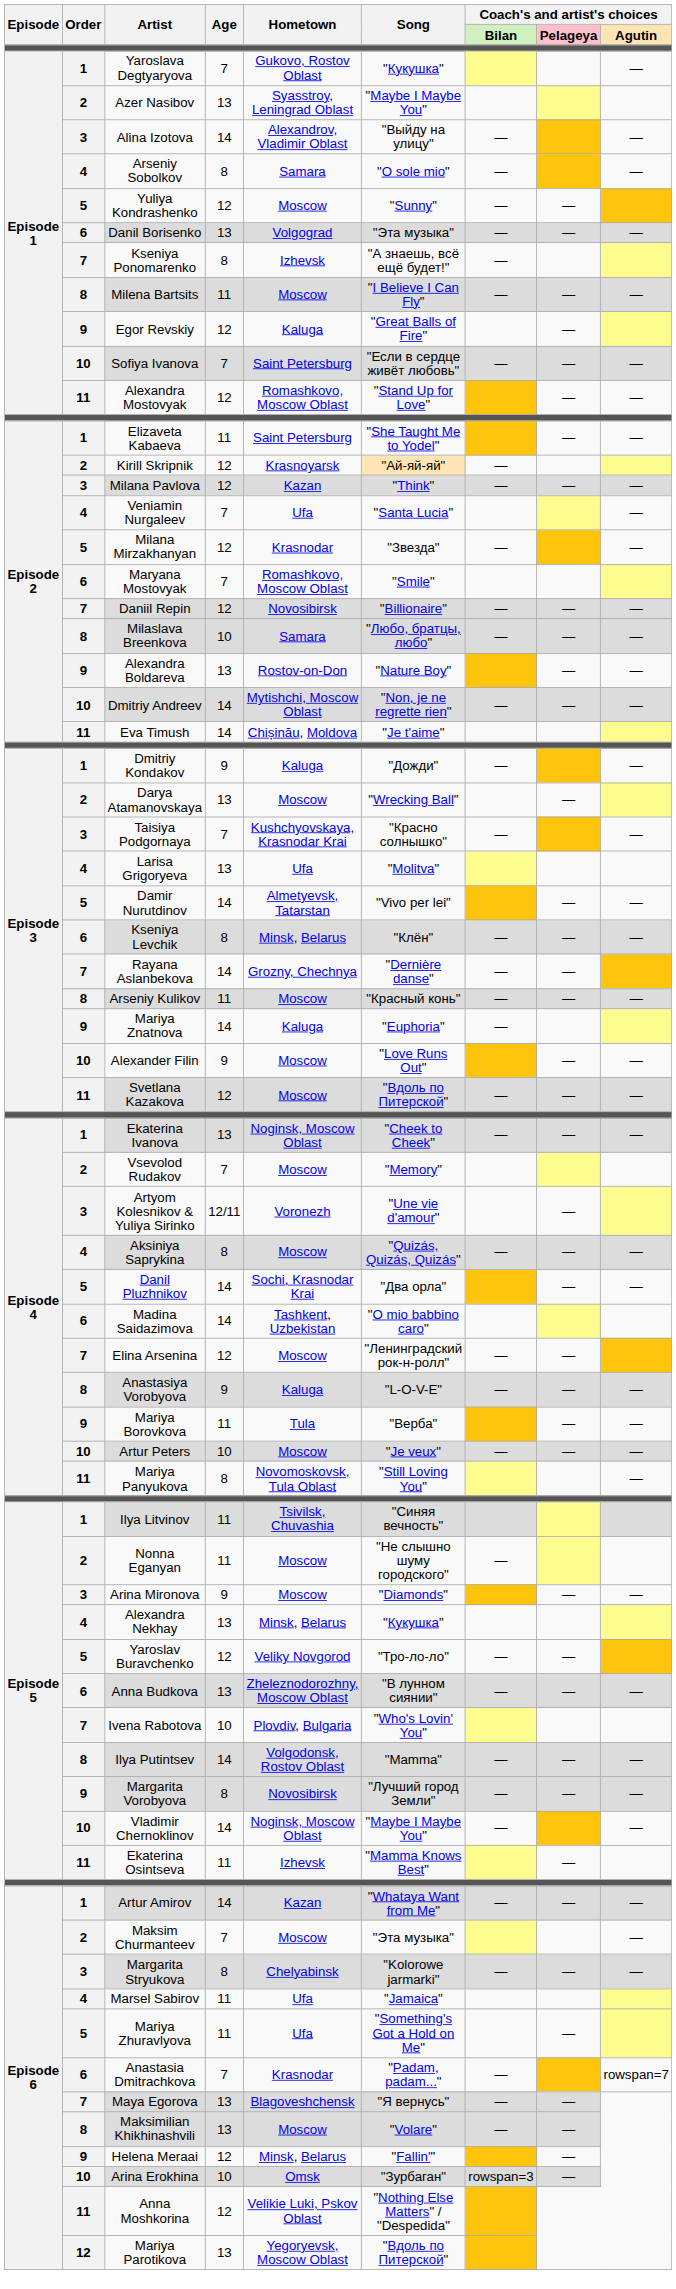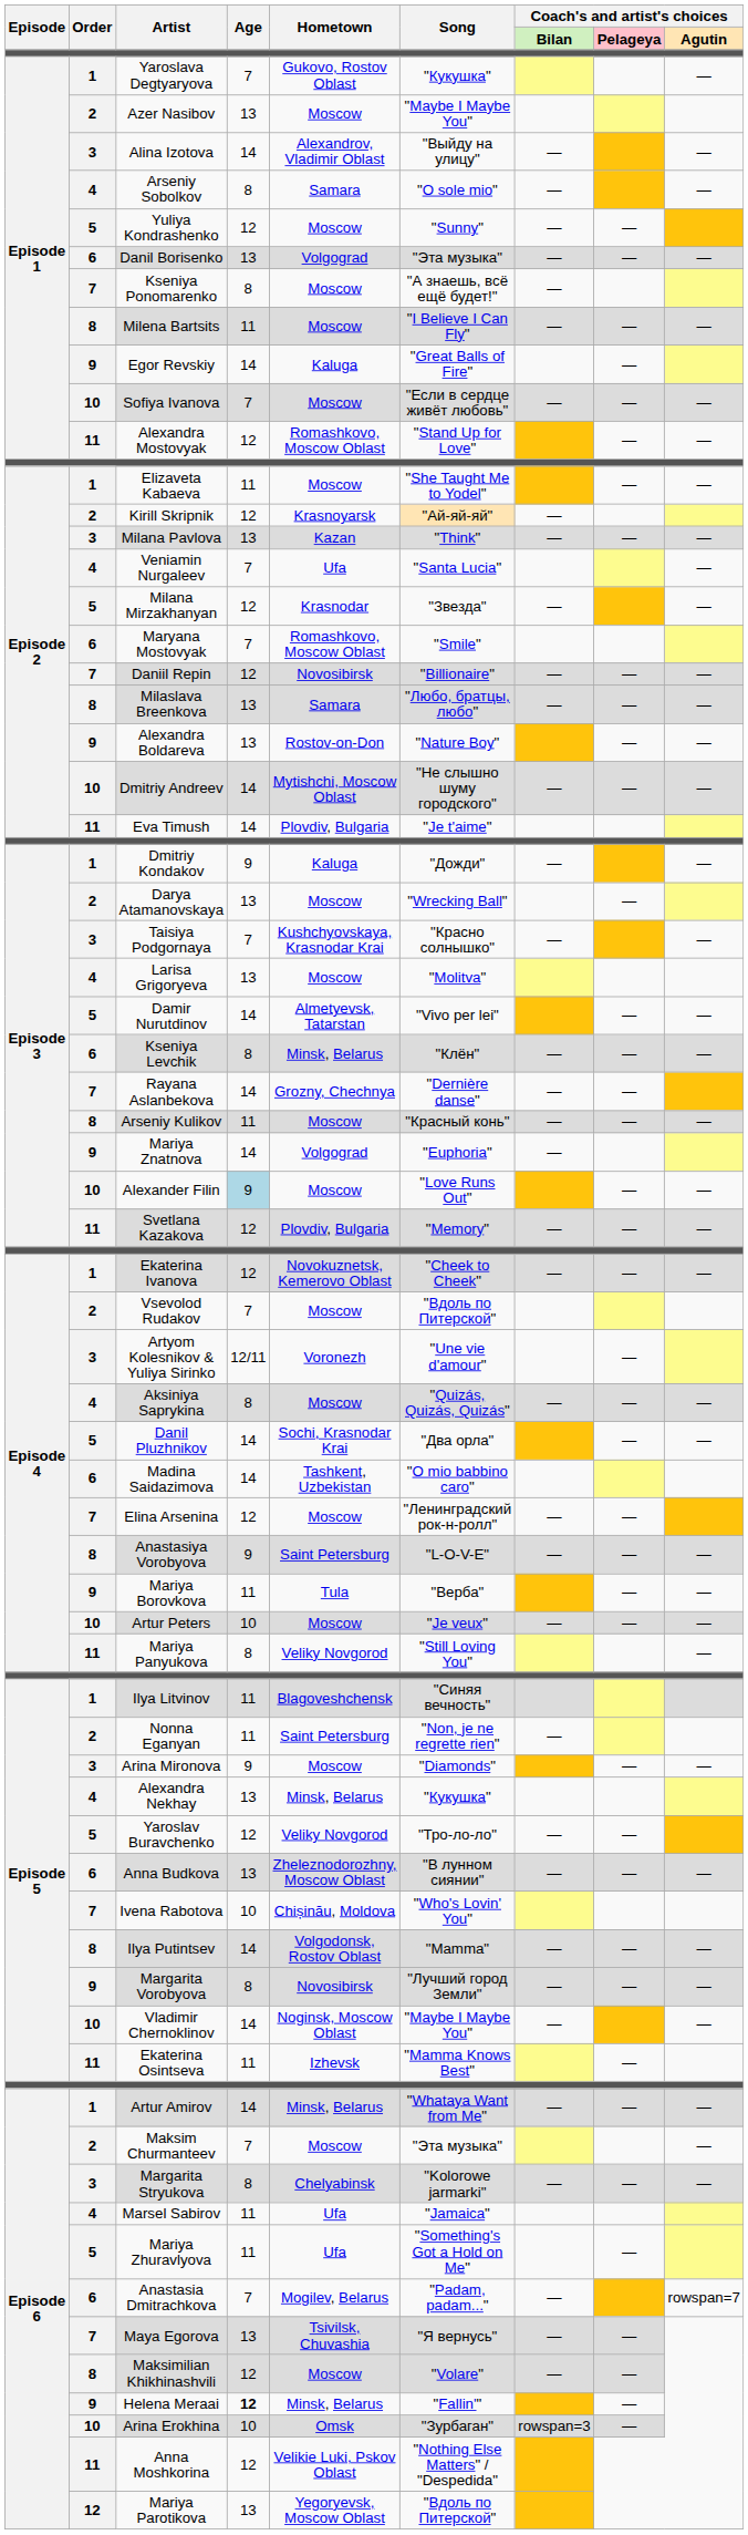 <table class="wikitable" style="text-align:center; line-height:17px; width:120%">
 <tr>
 <th rowspan="2" scope="col" style="width:10%">Episode</th>
 <th rowspan="2" scope="col" style="width:03%">Order</th>
 <th rowspan="2" scope="col" style="width:20%">Artist</th>
 <th rowspan="2" scope="col" style="width:04%">Age</th>
 <th rowspan="2" scope="col" style="width:20%">Hometown</th>
 <th rowspan="2" scope="col" style="width:20%">Song</th>
 <th colspan="3" scope="col" style="width:21%">Coach's and artist's choices</th>
 </tr>
 <tr>
 <th style="background:#d0f0c0">Bilan</th>
 <th style="background:pink">Pelageya</th>
 <th style="background:#ffe5b4">Agutin</th>
 </tr>
 <tr>
 <td colspan="9" style="background:#555"></td>
 </tr>
 <tr>
 <th rowspan=11><strong>Episode 1</strong> </th>
 <th>1</th>
 <td>Yaroslava Degtyaryova</td>
 <td>7</td>
 <td><a href='#'>Gukovo, Rostov Oblast</a></td>
 <td>"<a href='#'>Кукушка</a>"</td>
 <td style="background:#fdfc8f;"><strong></strong></td>
 <td><strong></strong></td>
 <td>—</td>
 </tr>
 <tr>
 <th>2</th>
 <td>Azer Nasibov</td>
 <td>13</td>
-<td><a href='#'>Syasstroy, Leningrad Oblast</a></td>
+<td><a href='#'>Moscow</a></td>
 <td>"<a href='#'>Maybe I Maybe You</a>"</td>
 <td><strong></strong></td>
 <td style="background:#fdfc8f;"><strong></strong></td>
 <td><strong></strong></td>
 </tr>
 <tr>
 <th>3</th>
 <td>Alina Izotova</td>
 <td>14</td>
 <td><a href='#'>Alexandrov, Vladimir Oblast</a></td>
 <td>"Выйду на улицу"</td>
 <td>—</td>
 <td style="background:#FFC40C;"><strong></strong></td>
 <td>—</td>
 </tr>
 <tr>
 <th>4</th>
 <td>Arseniy Sobolkov</td>
 <td>8</td>
 <td><a href='#'>Samara</a></td>
 <td>"<a href='#'>O sole mio</a>"</td>
 <td>—</td>
 <td style="background:#FFC40C;"><strong></strong></td>
 <td>—</td>
 </tr>
 <tr>
 <th>5</th>
 <td>Yuliya Kondrashenko</td>
 <td>12</td>
 <td><a href='#'>Moscow</a></td>
 <td>"<a href='#'>Sunny</a>"</td>
 <td>—</td>
 <td>—</td>
 <td style="background:#FFC40C;"><strong></strong></td>
 </tr>
 <tr style="background:#DCDCDC;">
 <th>6</th>
 <td>Danil Borisenko</td>
 <td>13</td>
 <td><a href='#'>Volgograd</a></td>
 <td>"Эта музыка"</td>
 <td>—</td>
 <td>—</td>
 <td>—</td>
 </tr>
 <tr>
 <th>7</th>
 <td>Kseniya Ponomarenko</td>
 <td>8</td>
-<td><a href='#'>Izhevsk</a></td>
+<td><a href='#'>Moscow</a></td>
 <td>"А знаешь, всё ещё будет!"</td>
 <td>—</td>
 <td><strong></strong></td>
 <td style="background:#fdfc8f;"><strong></strong></td>
 </tr>
 <tr style="background:#DCDCDC;">
 <th>8</th>
 <td>Milena Bartsits</td>
 <td>11</td>
 <td><a href='#'>Moscow</a></td>
 <td>"<a href='#'>I Believe I Can Fly</a>"</td>
 <td>—</td>
 <td>—</td>
 <td>—</td>
 </tr>
 <tr>
 <th>9</th>
 <td>Egor Revskiy</td>
-<td>12</td>
+<td>14</td>
 <td><a href='#'>Kaluga</a></td>
 <td>"<a href='#'>Great Balls of Fire</a>"</td>
 <td><strong></strong></td>
 <td>—</td>
 <td style="background:#fdfc8f;"><strong></strong></td>
 </tr>
 <tr style="background:#DCDCDC;"|>
 <th>10</th>
 <td>Sofiya Ivanova</td>
 <td>7</td>
-<td><a href='#'>Saint Petersburg</a></td>
+<td><a href='#'>Moscow</a></td>
 <td>"Если в сердце живёт любовь"</td>
 <td>—</td>
 <td>—</td>
 <td>—</td>
 </tr>
 <tr>
 <th>11</th>
 <td>Alexandra Mostovyak</td>
 <td>12</td>
 <td><a href='#'>Romashkovo, Moscow Oblast</a></td>
 <td>"<a href='#'>Stand Up for Love</a>"</td>
 <td style="background:#FFC40C;"><strong></strong></td>
 <td>—</td>
 <td>—</td>
 </tr>
 <tr>
 <td colspan="9" style="background:#555"></td>
 </tr>
 <tr>
 <th rowspan=11><strong>Episode 2</strong> </th>
 <th>1</th>
 <td>Elizaveta Kabaeva</td>
 <td>11</td>
-<td><a href='#'>Saint Petersburg</a></td>
+<td><a href='#'>Moscow</a></td>
 <td>"<a href='#'>She Taught Me to Yodel</a>"</td>
 <td style="background:#FFC40C;"><strong></strong></td>
 <td>—</td>
 <td>—</td>
 </tr>
 <tr>
 <th>2</th>
 <td>Kirill Skripnik</td>
 <td>12</td>
 <td><a href='#'>Krasnoyarsk</a></td>
 <td style="background:#ffe5b4;">"Ай-яй-яй"</td>
 <td>—</td>
 <td><strong></strong></td>
 <td style="background:#fdfc8f;"><strong></strong></td>
 </tr>
 <tr style="background:#DCDCDC;">
 <th>3</th>
 <td>Milana Pavlova</td>
-<td>12</td>
+<td>13</td>
 <td><a href='#'>Kazan</a></td>
 <td>"<a href='#'>Think</a>"</td>
 <td>—</td>
 <td>—</td>
 <td>—</td>
 </tr>
 <tr>
 <th>4</th>
 <td>Veniamin Nurgaleev</td>
 <td>7</td>
 <td><a href='#'>Ufa</a></td>
 <td>"<a href='#'>Santa Lucia</a>"</td>
 <td><strong></strong></td>
 <td style="background:#fdfc8f;"><strong></strong></td>
 <td>—</td>
 </tr>
 <tr>
 <th>5</th>
 <td>Milana Mirzakhanyan</td>
 <td>12</td>
 <td><a href='#'>Krasnodar</a></td>
 <td>"Звезда"</td>
 <td>—</td>
 <td style="background:#FFC40C;"><strong></strong></td>
 <td>—</td>
 </tr>
 <tr>
 <th>6</th>
 <td>Maryana Mostovyak</td>
 <td>7</td>
 <td><a href='#'>Romashkovo, Moscow Oblast</a></td>
 <td>"<a href='#'>Smile</a>"</td>
 <td><strong></strong></td>
 <td><strong></strong></td>
 <td style="background:#fdfc8f;"><strong></strong></td>
 </tr>
 <tr style="background:#DCDCDC;">
 <th>7</th>
 <td>Daniil Repin</td>
 <td>12</td>
 <td><a href='#'>Novosibirsk</a></td>
 <td>"<a href='#'>Billionaire</a>"</td>
 <td>—</td>
 <td>—</td>
 <td>—</td>
 </tr>
 <tr style="background:#DCDCDC;">
 <th>8</th>
 <td>Milaslava Breenkova</td>
-<td>10</td>
+<td>13</td>
 <td><a href='#'>Samara</a></td>
 <td>"<a href='#'>Любо, братцы, любо</a>"</td>
 <td>—</td>
 <td>—</td>
 <td>—</td>
 </tr>
 <tr>
 <th>9</th>
 <td>Alexandra Boldareva</td>
 <td>13</td>
 <td><a href='#'>Rostov-on-Don</a></td>
 <td>"<a href='#'>Nature Boy</a>"</td>
 <td style="background:#FFC40C;"><strong></strong></td>
 <td>—</td>
 <td>—</td>
 </tr>
 <tr style="background:#DCDCDC;">
 <th>10</th>
 <td>Dmitriy Andreev</td>
 <td>14</td>
 <td><a href='#'>Mytishchi, Moscow Oblast</a></td>
-<td>"<a href='#'>Non, je ne regrette rien</a>"</td>
+<td>"Не слышно шуму городского"</td>
 <td>—</td>
 <td>—</td>
 <td>—</td>
 </tr>
 <tr>
 <th>11</th>
 <td>Eva Timush</td>
 <td>14</td>
-<td><a href='#'>Chișinău</a>, <a href='#'>Moldova</a> </td>
+<td><a href='#'>Plovdiv</a>, <a href='#'>Bulgaria</a> </td>
 <td>"<a href='#'>Je t'aime</a>"</td>
 <td><strong></strong></td>
 <td><strong></strong></td>
 <td style="background:#fdfc8f;"><strong></strong></td>
 </tr>
 <tr>
 <td colspan="9" style="background:#555"></td>
 </tr>
 <tr>
 <th rowspan=11><strong>Episode 3</strong> </th>
 <th>1</th>
 <td>Dmitriy Kondakov</td>
 <td>9</td>
 <td><a href='#'>Kaluga</a></td>
 <td>"Дожди"</td>
 <td>—</td>
 <td style="background:#FFC40C;"><strong></strong></td>
 <td>—</td>
 </tr>
 <tr>
 <th>2</th>
 <td>Darya Atamanovskaya</td>
 <td>13</td>
 <td><a href='#'>Moscow</a></td>
 <td>"<a href='#'>Wrecking Ball</a>"</td>
 <td><strong></strong></td>
 <td>—</td>
 <td style="background:#fdfc8f;"><strong></strong></td>
 </tr>
 <tr>
 <th>3</th>
 <td>Taisiya Podgornaya</td>
 <td>7</td>
 <td><a href='#'>Kushchyovskaya, Krasnodar Krai</a></td>
 <td>"Красно солнышко"</td>
 <td>—</td>
 <td style="background:#FFC40C;"><strong></strong></td>
 <td>—</td>
 </tr>
 <tr>
 <th>4</th>
 <td>Larisa Grigoryeva</td>
 <td>13</td>
-<td><a href='#'>Ufa</a></td>
+<td><a href='#'>Moscow</a></td>
 <td>"<a href='#'>Molitva</a>"</td>
 <td style="background:#fdfc8f;"><strong></strong></td>
 <td><strong></strong></td>
 <td><strong></strong></td>
 </tr>
 <tr>
 <th>5</th>
 <td>Damir Nurutdinov</td>
 <td>14</td>
 <td><a href='#'>Almetyevsk, Tatarstan</a></td>
 <td>"Vivo per lei"</td>
 <td style="background:#FFC40C;"><strong></strong></td>
 <td>—</td>
 <td>—</td>
 </tr>
 <tr style="background:#DCDCDC;">
 <th>6</th>
 <td>Kseniya Levchik</td>
 <td>8</td>
 <td><a href='#'>Minsk</a>, <a href='#'>Belarus</a> </td>
 <td>"Клён"</td>
 <td>—</td>
 <td>—</td>
 <td>—</td>
 </tr>
 <tr>
 <th>7</th>
 <td>Rayana Aslanbekova</td>
 <td>14</td>
 <td><a href='#'>Grozny, Chechnya</a></td>
 <td>"<a href='#'>Dernière danse</a>"</td>
 <td>—</td>
 <td>—</td>
 <td style="background:#FFC40C;"><strong></strong></td>
 </tr>
 <tr style="background:#DCDCDC;">
 <th>8</th>
 <td>Arseniy Kulikov</td>
 <td>11</td>
 <td><a href='#'>Moscow</a></td>
 <td>"Красный конь"</td>
 <td>—</td>
 <td>—</td>
 <td>—</td>
 </tr>
 <tr>
 <th>9</th>
 <td>Mariya Znatnova</td>
 <td>14</td>
-<td><a href='#'>Kaluga</a></td>
+<td><a href='#'>Volgograd</a></td>
 <td>"<a href='#'>Euphoria</a>"</td>
 <td>—</td>
 <td><strong></strong></td>
 <td style="background:#fdfc8f;"><strong></strong></td>
 </tr>
 <tr>
 <th>10</th>
 <td>Alexander Filin</td>
-<td>9</td>
+<td style="background: lightblue;">9</td>
 <td><a href='#'>Moscow</a></td>
 <td>"<a href='#'>Love Runs Out</a>"</td>
 <td style="background:#FFC40C;"><strong></strong></td>
 <td>—</td>
 <td>—</td>
 </tr>
 <tr style="background:#DCDCDC;">
 <th>11</th>
 <td>Svetlana Kazakova</td>
 <td>12</td>
-<td><a href='#'>Moscow</a></td>
-<td>"<a href='#'>Вдоль по Питерской</a>"</td>
+<td><a href='#'>Plovdiv</a>, <a href='#'>Bulgaria</a> </td>
+<td>"<a href='#'>Memory</a>"</td>
 <td>—</td>
 <td>—</td>
 <td>—</td>
 </tr>
 <tr>
 <td colspan="9" style="background:#555"></td>
 </tr>
 <tr>
 <th rowspan=12><strong>Episode 4</strong> </th>
 </tr>
 <tr style="background:#DCDCDC;">
 <th>1</th>
 <td>Ekaterina Ivanova</td>
-<td>13</td>
-<td><a href='#'>Noginsk, Moscow Oblast</a></td>
+<td>12</td>
+<td><a href='#'>Novokuznetsk, Kemerovo Oblast</a></td>
 <td>"<a href='#'>Cheek to Cheek</a>"</td>
 <td>—</td>
 <td>—</td>
 <td>—</td>
 </tr>
 <tr>
 <th>2</th>
 <td>Vsevolod Rudakov</td>
 <td>7</td>
 <td><a href='#'>Moscow</a></td>
-<td>"<a href='#'>Memory</a>"</td>
+<td>"<a href='#'>Вдоль по Питерской</a>"</td>
 <td><strong></strong></td>
 <td style="background:#fdfc8f;"><strong></strong></td>
 <td><strong></strong></td>
 </tr>
 <tr>
 <th>3</th>
 <td>Artyom Kolesnikov & Yuliya Sirinko</td>
 <td>12/11</td>
 <td><a href='#'>Voronezh</a></td>
 <td>"<a href='#'>Une vie d'amour</a>"</td>
 <td><strong></strong></td>
 <td>—</td>
 <td style="background:#fdfc8f;"><strong></strong></td>
 </tr>
 <tr style="background:#DCDCDC;">
 <th>4</th>
 <td>Aksiniya Saprykina</td>
 <td>8</td>
 <td><a href='#'>Moscow</a></td>
 <td>"<a href='#'>Quizás, Quizás, Quizás</a>"</td>
 <td>—</td>
 <td>—</td>
 <td>—</td>
 </tr>
 <tr>
 <th>5</th>
 <td><a href='#'>Danil Pluzhnikov</a></td>
 <td>14</td>
 <td><a href='#'>Sochi, Krasnodar Krai</a></td>
 <td>"Два орла"</td>
 <td style="background:#FFC40C;"><strong></strong></td>
 <td>—</td>
 <td>—</td>
 </tr>
 <tr>
 <th>6</th>
 <td>Madina Saidazimova</td>
 <td>14</td>
 <td><a href='#'>Tashkent</a>, <a href='#'>Uzbekistan</a> </td>
 <td>"<a href='#'>O mio babbino caro</a>"</td>
 <td><strong></strong></td>
 <td style="background:#fdfc8f;"><strong></strong></td>
 <td><strong></strong></td>
 </tr>
 <tr>
 <th>7</th>
 <td>Elina Arsenina</td>
 <td>12</td>
 <td><a href='#'>Moscow</a></td>
 <td>"Ленинградский рок-н-ролл"</td>
 <td>—</td>
 <td>—</td>
 <td style="background:#FFC40C;"><strong></strong></td>
 </tr>
 <tr style="background:#DCDCDC;">
 <th>8</th>
 <td>Anastasiya Vorobyova</td>
 <td>9</td>
-<td><a href='#'>Kaluga</a></td>
+<td><a href='#'>Saint Petersburg</a></td>
 <td>"L-O-V-E"</td>
 <td>—</td>
 <td>—</td>
 <td>—</td>
 </tr>
 <tr>
 <th>9</th>
 <td>Mariya Borovkova</td>
 <td>11</td>
 <td><a href='#'>Tula</a></td>
 <td>"Верба"</td>
 <td style="background:#FFC40C;"><strong></strong></td>
 <td>—</td>
 <td>—</td>
 </tr>
 <tr style="background:#DCDCDC;">
 <th>10</th>
 <td>Artur Peters</td>
 <td>10</td>
 <td><a href='#'>Moscow</a></td>
 <td>"<a href='#'>Je veux</a>"</td>
 <td>—</td>
 <td>—</td>
 <td>—</td>
 </tr>
 <tr>
 <th>11</th>
 <td>Mariya Panyukova</td>
 <td>8</td>
-<td><a href='#'>Novomoskovsk, Tula Oblast</a></td>
+<td><a href='#'>Veliky Novgorod</a></td>
 <td>"<a href='#'>Still Loving You</a>"</td>
 <td style="background:#fdfc8f;"><strong></strong></td>
 <td><strong></strong></td>
 <td>—</td>
 </tr>
 <tr>
 <td colspan="9" style="background:#555"></td>
 </tr>
 <tr>
 <th rowspan=12><strong>Episode 5</strong> </th>
 </tr>
 <tr style="background:#DCDCDC;">
 <th>1</th>
 <td>Ilya Litvinov</td>
 <td>11</td>
-<td><a href='#'>Tsivilsk, Chuvashia</a></td>
+<td><a href='#'>Blagoveshchensk</a></td>
 <td>"Синяя вечность"</td>
 <td><strong></strong></td>
 <td style="background:#fdfc8f;"><strong></strong></td>
 <td><strong></strong></td>
 </tr>
 <tr>
 <th>2</th>
 <td>Nonna Eganyan</td>
 <td>11</td>
-<td><a href='#'>Moscow</a></td>
-<td>"Не слышно шуму городского"</td>
+<td><a href='#'>Saint Petersburg</a></td>
+<td>"<a href='#'>Non, je ne regrette rien</a>"</td>
 <td>—</td>
 <td style="background:#fdfc8f;"><strong></strong></td>
 <td><strong></strong></td>
 </tr>
 <tr>
 <th>3</th>
 <td>Arina Mironova</td>
 <td>9</td>
 <td><a href='#'>Moscow</a></td>
 <td>"<a href='#'>Diamonds</a>"</td>
 <td style="background:#FFC40C;"><strong></strong></td>
 <td>—</td>
 <td>—</td>
 </tr>
 <tr>
 <th>4</th>
 <td>Alexandra Nekhay</td>
 <td>13</td>
 <td><a href='#'>Minsk</a>, <a href='#'>Belarus</a> </td>
 <td>"<a href='#'>Кукушка</a>"</td>
 <td><strong></strong></td>
 <td><strong></strong></td>
 <td style="background:#fdfc8f;"><strong></strong></td>
 </tr>
 <tr>
 <th>5</th>
 <td>Yaroslav Buravchenko</td>
 <td>12</td>
 <td><a href='#'>Veliky Novgorod</a></td>
 <td>"Тро-ло-ло"</td>
 <td>—</td>
 <td>—</td>
 <td style="background:#FFC40C;"><strong></strong></td>
 </tr>
 <tr style="background:#DCDCDC;">
 <th>6</th>
 <td>Anna Budkova</td>
 <td>13</td>
 <td><a href='#'>Zheleznodorozhny, Moscow Oblast</a></td>
 <td>"В лунном сиянии"</td>
 <td>—</td>
 <td>—</td>
 <td>—</td>
 </tr>
 <tr>
 <th>7</th>
 <td>Ivena Rabotova</td>
 <td>10</td>
-<td><a href='#'>Plovdiv</a>, <a href='#'>Bulgaria</a> </td>
+<td><a href='#'>Chișinău</a>, <a href='#'>Moldova</a> </td>
 <td>"<a href='#'>Who's Lovin' You</a>"</td>
 <td style="background:#fdfc8f;"><strong></strong></td>
 <td><strong></strong></td>
 <td><strong></strong></td>
 </tr>
 <tr style="background:#DCDCDC;">
 <th>8</th>
 <td>Ilya Putintsev</td>
 <td>14</td>
 <td><a href='#'>Volgodonsk, Rostov Oblast</a></td>
 <td>"Mamma"</td>
 <td>—</td>
 <td>—</td>
 <td>—</td>
 </tr>
 <tr style="background:#DCDCDC;">
 <th>9</th>
 <td>Margarita Vorobyova</td>
 <td>8</td>
 <td><a href='#'>Novosibirsk</a></td>
 <td>"Лучший город Земли"</td>
 <td>—</td>
 <td>—</td>
 <td>—</td>
 </tr>
 <tr>
 <th>10</th>
 <td>Vladimir Chernoklinov</td>
 <td>14</td>
 <td><a href='#'>Noginsk, Moscow Oblast</a></td>
 <td>"<a href='#'>Maybe I Maybe You</a>"</td>
 <td>—</td>
 <td style="background:#FFC40C;"><strong></strong></td>
 <td>—</td>
 </tr>
 <tr>
 <th>11</th>
 <td>Ekaterina Osintseva</td>
 <td>11</td>
 <td><a href='#'>Izhevsk</a></td>
 <td>"<a href='#'>Mamma Knows Best</a>"</td>
 <td style="background:#fdfc8f;"><strong></strong></td>
 <td>—</td>
 <td><strong></strong></td>
 </tr>
 <tr>
 <td colspan="9" style="background:#555"></td>
 </tr>
 <tr>
 <th rowspan=13><strong>Episode 6</strong> </th>
 </tr>
 <tr style="background:#DCDCDC;">
 <th>1</th>
 <td>Artur Amirov</td>
 <td>14</td>
-<td><a href='#'>Kazan</a></td>
+<td><a href='#'>Minsk</a>, <a href='#'>Belarus</a> </td>
 <td>"<a href='#'>Whataya Want from Me</a>"</td>
 <td>—</td>
 <td>—</td>
 <td>—</td>
 </tr>
 <tr>
 <th>2</th>
 <td>Maksim Churmanteev</td>
 <td>7</td>
 <td><a href='#'>Moscow</a></td>
 <td>"Эта музыка"</td>
 <td style="background:#fdfc8f;"><strong></strong></td>
 <td><strong></strong></td>
 <td>—</td>
 </tr>
 <tr style="background:#DCDCDC;">
 <th>3</th>
 <td>Margarita Stryukova</td>
 <td>8</td>
 <td><a href='#'>Chelyabinsk</a></td>
 <td>"Kolorowe jarmarki"</td>
 <td>—</td>
 <td>—</td>
 <td>—</td>
 </tr>
 <tr>
 <th>4</th>
 <td>Marsel Sabirov</td>
 <td>11</td>
 <td><a href='#'>Ufa</a></td>
 <td>"<a href='#'>Jamaica</a>"</td>
 <td><strong></strong></td>
 <td><strong></strong></td>
 <td style="background:#fdfc8f;"><strong></strong></td>
 </tr>
 <tr>
 <th>5</th>
 <td>Mariya Zhuravlyova</td>
 <td>11</td>
 <td><a href='#'>Ufa</a></td>
 <td>"<a href='#'>Something's Got a Hold on Me</a>"</td>
 <td><strong></strong></td>
 <td>—</td>
 <td style="background:#fdfc8f;"><strong></strong></td>
 </tr>
 <tr>
 <th>6</th>
 <td>Anastasia Dmitrachkova</td>
 <td>7</td>
-<td><a href='#'>Krasnodar</a></td>
+<td><a href='#'>Mogilev</a>, <a href='#'>Belarus</a> </td>
 <td>"<a href='#'>Padam, padam...</a>"</td>
 <td>—</td>
 <td style="background:#FFC40C;"><strong></strong></td>
 <td>rowspan=7 </td>
 </tr>
 <tr style="background:#DCDCDC;">
 <th>7</th>
 <td>Maya Egorova</td>
 <td>13</td>
-<td><a href='#'>Blagoveshchensk</a></td>
+<td><a href='#'>Tsivilsk, Chuvashia</a></td>
 <td style="background:#DCDCDC;">"Я вернусь"</td>
 <td>—</td>
 <td>—</td>
 </tr>
 <tr style="background:#DCDCDC;">
 <th>8</th>
 <td>Maksimilian Khikhinashvili</td>
-<td>13</td>
+<td>12</td>
 <td><a href='#'>Moscow</a></td>
 <td>"<a href='#'>Volare</a>"</td>
 <td>—</td>
 <td>—</td>
 </tr>
 <tr>
 <th>9</th>
 <td>Helena Meraai</td>
-<td>12</td>
+<td><strong>12</strong></td>
 <td><a href='#'>Minsk</a>, <a href='#'>Belarus</a> </td>
 <td>"<a href='#'>Fallin'</a>"</td>
 <td style="background:#FFC40C;"><strong></strong></td>
 <td>—</td>
 </tr>
 <tr style="background:#DCDCDC;"|>
 <th>10</th>
 <td>Arina Erokhina</td>
 <td>10</td>
 <td><a href='#'>Omsk</a></td>
 <td>"Зурбаган"</td>
 <td>rowspan=3 </td>
 <td>—</td>
 </tr>
 <tr>
 <th>11</th>
 <td>Anna Moshkorina</td>
 <td>12</td>
 <td><a href='#'>Velikie Luki, Pskov Oblast</a></td>
 <td>"<a href='#'>Nothing Else Matters</a>" / "Despedida"</td>
 <td style="background:#FFC40C;"><strong></strong></td>
 </tr>
 <tr>
 <th>12</th>
 <td>Mariya Parotikova</td>
 <td>13</td>
 <td><a href='#'>Yegoryevsk, Moscow Oblast</a></td>
 <td>"<a href='#'>Вдоль по Питерской</a>"</td>
 <td style="background:#FFC40C;"><strong></strong></td>
 </tr>
 </table>
